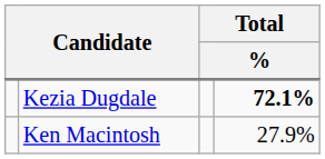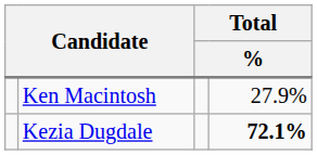 <table class="wikitable" style="font-size: 95%;">
 <tr>
 <th colspan="2" scope="col" rowspan="2" width="125">Candidate</th>
 <th scope="col" colspan="2" width="75">Total</th>
 </tr>
 <tr style="background-color:#E9E9E9; border-bottom: 2px solid gray;">
 <th scope="col" colspan="2" width="75">%</th>
 </tr>
 <tr align="right">
 <td style="background-color: "></td>
+<td scope="row" align="left"><a href='#'>Ken Macintosh</a></td>
+<td align=center></td>
+<td>27.9%</td>
+</tr>
+<tr align="right">
+<td style="background-color: "></td>
 <td scope="row" align="left"><a href='#'>Kezia Dugdale</a></td>
 <td align=center></td>
 <td><strong>72.1%</strong></td>
 </tr>
-<tr align="right">
-<td style="background-color: "></td>
-<td scope="row" align="left"><a href='#'>Ken Macintosh</a></td>
-<td align=center></td>
-<td>27.9%</td>
-</tr>
 </table>
